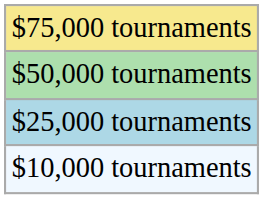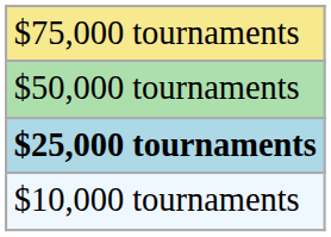 <table class="wikitable"  style="font-size:85%;">
 <tr style="background:#f7e98e;">
 <td>$75,000 tournaments</td>
 </tr>
 <tr bgcolor="#ADDFAD">
 <td>$50,000 tournaments</td>
 </tr>
 <tr style="background:lightblue;">
-<td>$25,000 tournaments</td>
+<td><strong>$25,000 tournaments</strong></td>
 </tr>
 <tr style="background:#f0f8ff;">
 <td>$10,000 tournaments</td>
 </tr>
 </table>
